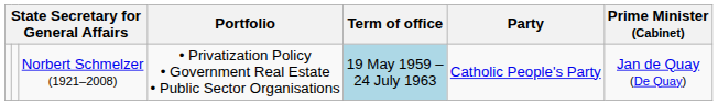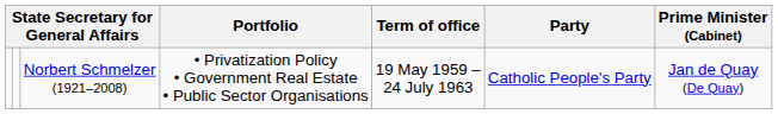 <table class="wikitable" style="text-align:center">
 <tr>
 <th colspan=3>State Secretary for <br> General Affairs</th>
 <th>Portfolio</th>
 <th>Term of office</th>
 <th>Party</th>
 <th>Prime Minister <br> <small>(Cabinet)</small></th>
 </tr>
 <tr>
 <td style="background:"></td>
 <td></td>
 <td><a href='#'>Norbert Schmelzer</a> <br> <small>(1921–2008)</small></td>
 <td>• Privatization Policy <br> • Government Real Estate <br> • Public Sector Organisations</td>
-<td style="background: lightblue;">19 May 1959 – <br> 24 July 1963</td>
+<td>19 May 1959 – <br> 24 July 1963</td>
 <td><a href='#'>Catholic People's Party</a></td>
 <td><a href='#'>Jan de Quay</a> <br> <small>(<a href='#'>De Quay</a>)</small></td>
 </tr>
 </table>
